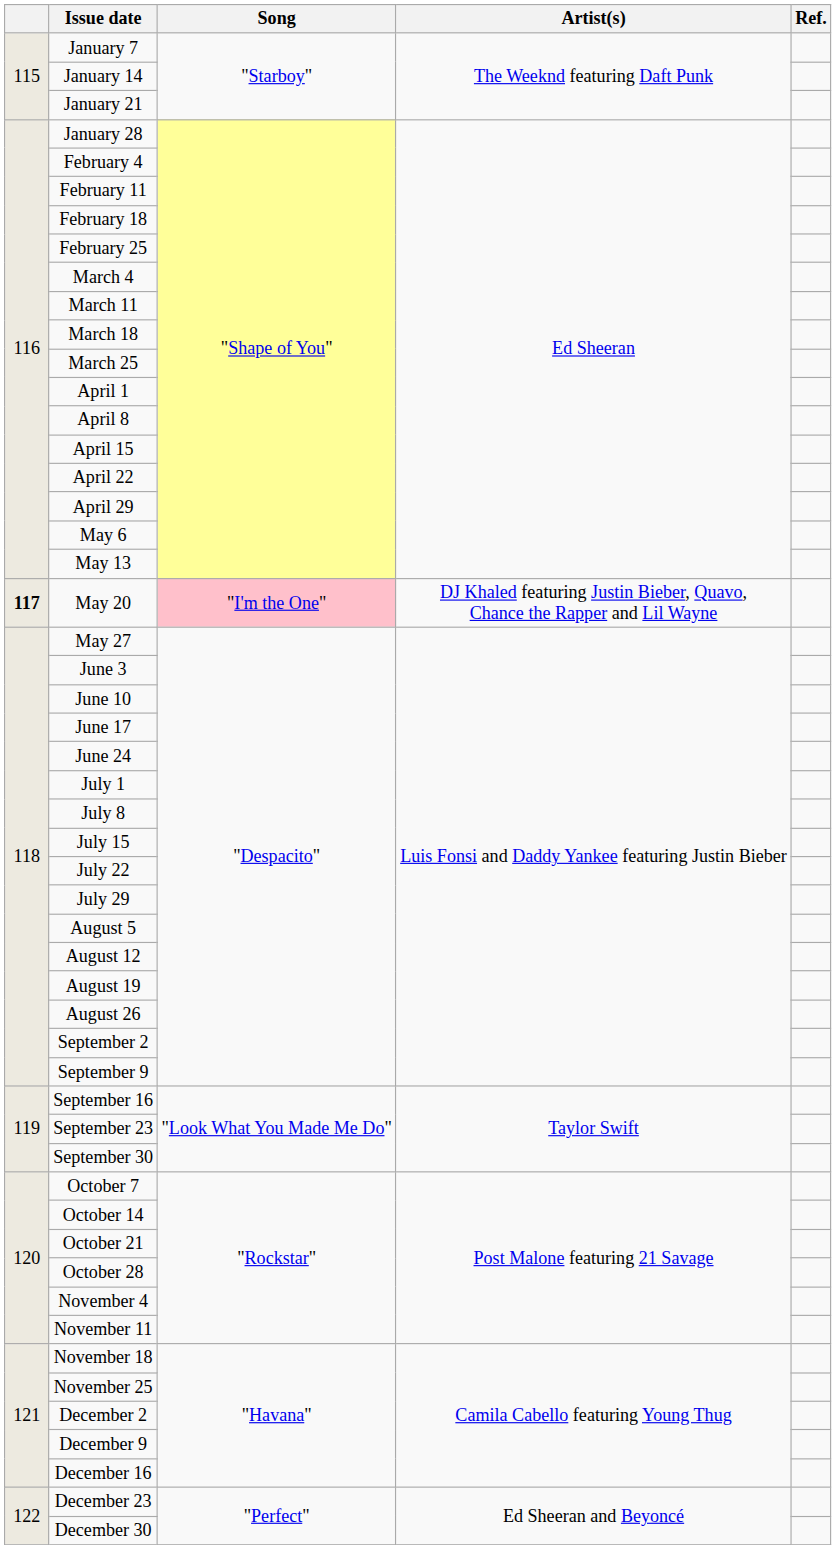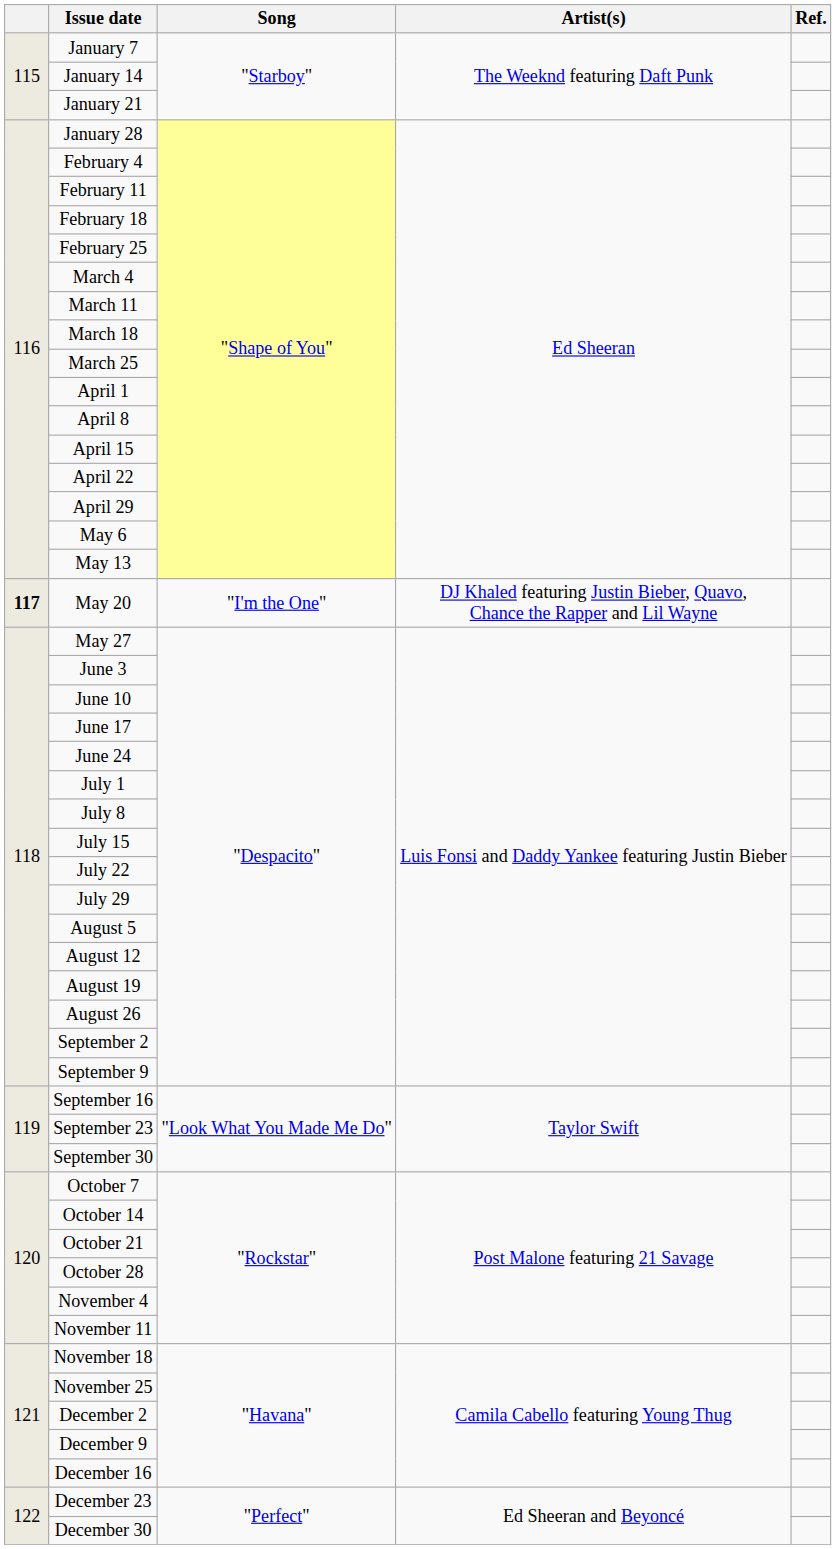 <table class="wikitable" style="text-align: center;">
 <tr>
 <th scope="col" style="width:2em;"></th>
 <th>Issue date</th>
 <th>Song</th>
 <th>Artist(s)</th>
 <th>Ref.</th>
 </tr>
 <tr>
 <td style="background-color:#EDEAE0;" rowspan="3">115</td>
 <td>January 7</td>
 <td rowspan="3">"<a href='#'>Starboy</a>"</td>
 <td rowspan="3"><a href='#'>The Weeknd</a> featuring <a href='#'>Daft Punk</a></td>
 <td></td>
 </tr>
 <tr>
 <td>January 14</td>
 <td></td>
 </tr>
 <tr>
 <td>January 21</td>
 <td></td>
 </tr>
 <tr>
 <td style="background-color:#EDEAE0;" rowspan="16">116</td>
 <td>January 28</td>
 <td bgcolor=#FFFF99 rowspan="16">"<a href='#'>Shape of You</a>" </td>
 <td rowspan="16"><a href='#'>Ed Sheeran</a></td>
 <td></td>
 </tr>
 <tr>
 <td>February 4</td>
 <td></td>
 </tr>
 <tr>
 <td>February 11</td>
 <td></td>
 </tr>
 <tr>
 <td>February 18</td>
 <td></td>
 </tr>
 <tr>
 <td>February 25</td>
 <td></td>
 </tr>
 <tr>
 <td>March 4</td>
 <td></td>
 </tr>
 <tr>
 <td>March 11</td>
 <td></td>
 </tr>
 <tr>
 <td>March 18</td>
 <td></td>
 </tr>
 <tr>
 <td>March 25</td>
 <td></td>
 </tr>
 <tr>
 <td>April 1</td>
 <td></td>
 </tr>
 <tr>
 <td>April 8</td>
 <td></td>
 </tr>
 <tr>
 <td>April 15</td>
 <td></td>
 </tr>
 <tr>
 <td>April 22</td>
 <td></td>
 </tr>
 <tr>
 <td>April 29</td>
 <td></td>
 </tr>
 <tr>
 <td>May 6</td>
 <td></td>
 </tr>
 <tr>
 <td>May 13</td>
 <td></td>
 </tr>
 <tr>
 <td style="background-color:#EDEAE0;"><strong>117</strong></td>
 <td>May 20</td>
-<td style="background: pink;">"<a href='#'>I'm the One</a>"</td>
+<td>"<a href='#'>I'm the One</a>"</td>
 <td><a href='#'>DJ Khaled</a> featuring <a href='#'>Justin Bieber</a>, <a href='#'>Quavo</a>, <br><a href='#'>Chance the Rapper</a> and <a href='#'>Lil Wayne</a></td>
 <td></td>
 </tr>
 <tr>
 <td style="background-color:#EDEAE0;" rowspan="16">118</td>
 <td>May 27</td>
 <td rowspan="16">"<a href='#'>Despacito</a>"</td>
 <td rowspan="16"><a href='#'>Luis Fonsi</a> and <a href='#'>Daddy Yankee</a> featuring Justin Bieber</td>
 <td></td>
 </tr>
 <tr>
 <td>June 3</td>
 <td></td>
 </tr>
 <tr>
 <td>June 10</td>
 <td></td>
 </tr>
 <tr>
 <td>June 17</td>
 <td></td>
 </tr>
 <tr>
 <td>June 24</td>
 <td></td>
 </tr>
 <tr>
 <td>July 1</td>
 <td></td>
 </tr>
 <tr>
 <td>July 8</td>
 <td></td>
 </tr>
 <tr>
 <td>July 15</td>
 <td></td>
 </tr>
 <tr>
 <td>July 22</td>
 <td></td>
 </tr>
 <tr>
 <td>July 29</td>
 <td></td>
 </tr>
 <tr>
 <td>August 5</td>
 <td></td>
 </tr>
 <tr>
 <td>August 12</td>
 <td></td>
 </tr>
 <tr>
 <td>August 19</td>
 <td></td>
 </tr>
 <tr>
 <td>August 26</td>
 <td></td>
 </tr>
 <tr>
 <td>September 2</td>
 <td></td>
 </tr>
 <tr>
 <td>September 9</td>
 <td></td>
 </tr>
 <tr>
 <td style="background-color:#EDEAE0;" rowspan="3">119</td>
 <td>September 16</td>
 <td rowspan="3">"<a href='#'>Look What You Made Me Do</a>"</td>
 <td rowspan="3"><a href='#'>Taylor Swift</a></td>
 <td></td>
 </tr>
 <tr>
 <td>September 23</td>
 <td></td>
 </tr>
 <tr>
 <td>September 30</td>
 <td></td>
 </tr>
 <tr>
 <td style="background-color:#EDEAE0;" rowspan="6">120</td>
 <td>October 7</td>
 <td rowspan="6">"<a href='#'>Rockstar</a>"</td>
 <td rowspan="6"><a href='#'>Post Malone</a> featuring <a href='#'>21 Savage</a></td>
 <td></td>
 </tr>
 <tr>
 <td>October 14</td>
 <td></td>
 </tr>
 <tr>
 <td>October 21</td>
 <td></td>
 </tr>
 <tr>
 <td>October 28</td>
 <td></td>
 </tr>
 <tr>
 <td>November 4</td>
 <td></td>
 </tr>
 <tr>
 <td>November 11</td>
 <td></td>
 </tr>
 <tr>
 <td style="background-color:#EDEAE0;" rowspan="5">121</td>
 <td>November 18</td>
 <td rowspan="5">"<a href='#'>Havana</a>"</td>
 <td rowspan="5"><a href='#'>Camila Cabello</a> featuring <a href='#'>Young Thug</a></td>
 <td></td>
 </tr>
 <tr>
 <td>November 25</td>
 <td></td>
 </tr>
 <tr>
 <td>December 2</td>
 <td></td>
 </tr>
 <tr>
 <td>December 9</td>
 <td></td>
 </tr>
 <tr>
 <td>December 16</td>
 <td></td>
 </tr>
 <tr>
 <td style="background-color:#EDEAE0;" rowspan="2">122</td>
 <td>December 23</td>
 <td rowspan="2">"<a href='#'>Perfect</a>"</td>
 <td rowspan="2">Ed Sheeran and <a href='#'>Beyoncé</a></td>
 <td></td>
 </tr>
 <tr>
 <td>December 30</td>
 <td></td>
 </tr>
 </table>
